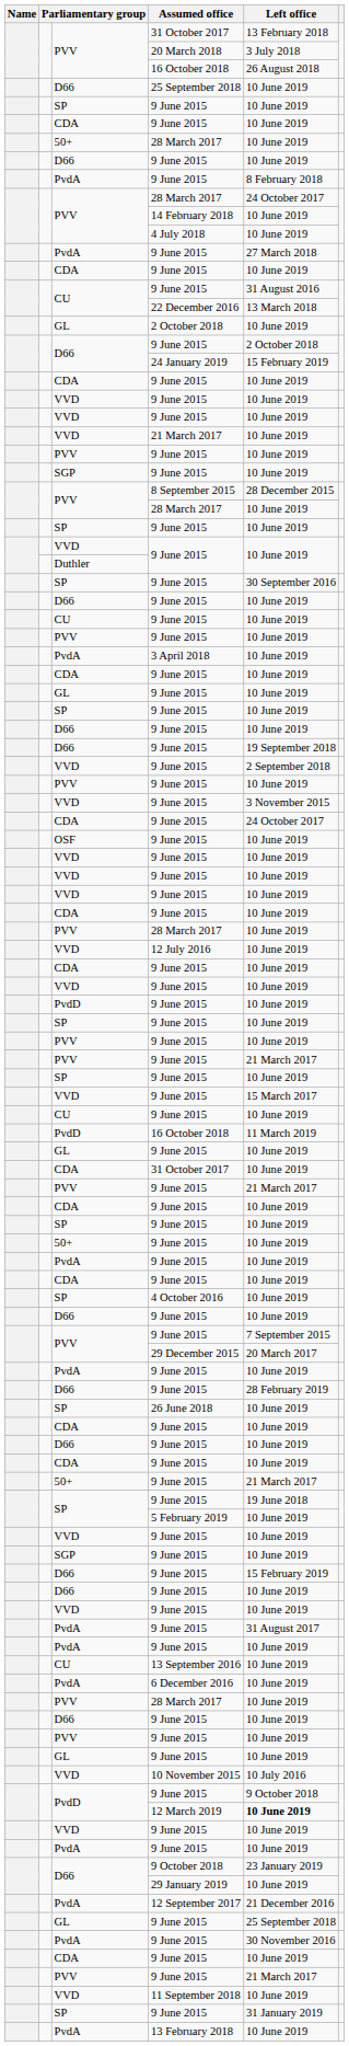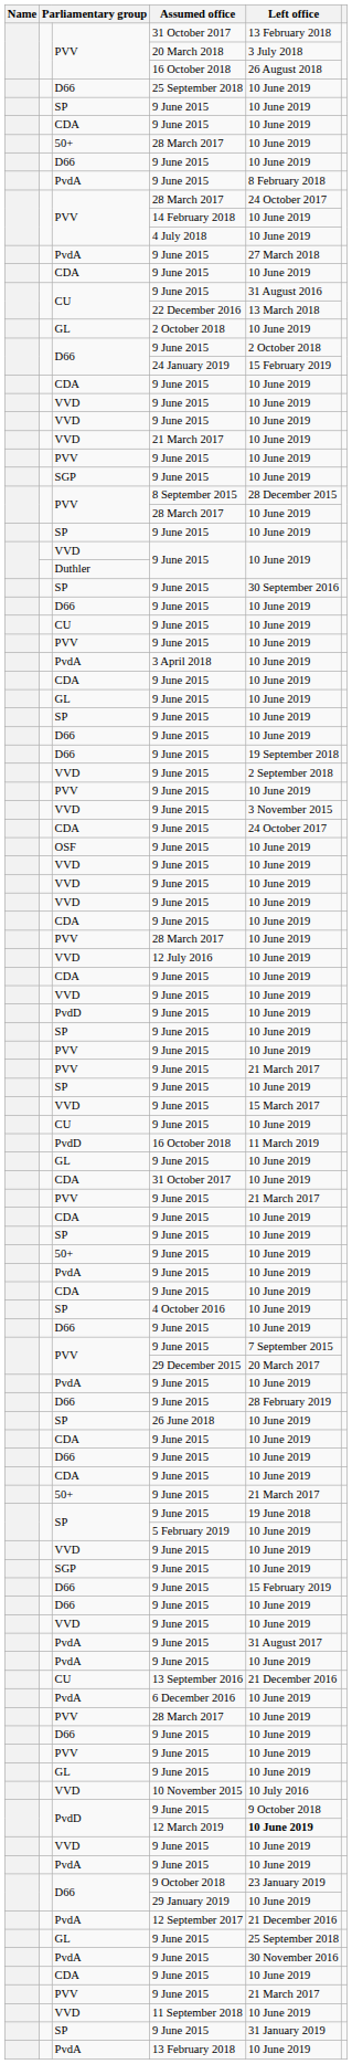 <table class="wikitable sortable plainrowheaders">
 <tr>
 <th scope=col>Name</th>
 <th scope=colgroup  colspan=2>Parliamentary group</th>
 <th scope=col>Assumed office</th>
 <th scope=col>Left office</th>
 <th scope=col class="unsortable"></th>
 </tr>
 <tr>
 <th rowspan="3" scope="row"></th>
 <td rowspan="3" style="background-color:"></td>
 <td rowspan="3">PVV</td>
 <td>31 October 2017</td>
 <td>13 February 2018</td>
 <td rowspan="3"></td>
 </tr>
 <tr>
 <td>20 March 2018</td>
 <td>3 July 2018</td>
 </tr>
 <tr>
 <td>16 October 2018</td>
 <td>26 August 2018</td>
 </tr>
 <tr>
 <th scope="row"></th>
 <td style="background-color:"></td>
 <td>D66</td>
 <td>25 September 2018</td>
 <td>10 June 2019</td>
 <td></td>
 </tr>
 <tr>
 <th scope="row"></th>
 <td style="background-color:"></td>
 <td>SP</td>
 <td>9 June 2015</td>
 <td>10 June 2019</td>
 <td></td>
 </tr>
 <tr>
 <th scope="row"></th>
 <td style="background-color:"></td>
 <td>CDA</td>
 <td>9 June 2015</td>
 <td>10 June 2019</td>
 <td></td>
 </tr>
 <tr>
 <th scope="row"></th>
 <td style="background-color:"></td>
 <td>50+</td>
 <td>28 March 2017</td>
 <td>10 June 2019</td>
 <td></td>
 </tr>
 <tr>
 <th scope="row"></th>
 <td style="background-color:"></td>
 <td>D66</td>
 <td>9 June 2015</td>
 <td>10 June 2019</td>
 <td></td>
 </tr>
 <tr>
 <th scope="row"></th>
 <td style="background-color:"></td>
 <td>PvdA</td>
 <td>9 June 2015</td>
 <td>8 February 2018</td>
 <td></td>
 </tr>
 <tr>
 <th rowspan="3" scope="row"></th>
 <td rowspan="3" style="background-color:"></td>
 <td rowspan="3">PVV</td>
 <td>28 March 2017</td>
 <td>24 October 2017</td>
 <td rowspan="3"></td>
 </tr>
 <tr>
 <td>14 February 2018</td>
 <td>10 June 2019</td>
 </tr>
 <tr>
 <td>4 July 2018</td>
 <td>10 June 2019</td>
 </tr>
 <tr>
 <th scope="row"></th>
 <td style="background-color:"></td>
 <td>PvdA</td>
 <td>9 June 2015</td>
 <td>27 March 2018</td>
 <td></td>
 </tr>
 <tr>
 <th scope="row"></th>
 <td style="background-color:"></td>
 <td>CDA</td>
 <td>9 June 2015</td>
 <td>10 June 2019</td>
 <td></td>
 </tr>
 <tr>
 <th rowspan="2" scope="row"></th>
 <td rowspan="2" style="background-color:"></td>
 <td rowspan="2">CU</td>
 <td>9 June 2015</td>
 <td>31 August 2016</td>
 <td rowspan="2"></td>
 </tr>
 <tr>
 <td>22 December 2016</td>
 <td>13 March 2018</td>
 </tr>
 <tr>
 <th scope="row"></th>
 <td style="background-color:"></td>
 <td>GL</td>
 <td>2 October 2018</td>
 <td>10 June 2019</td>
 <td></td>
 </tr>
 <tr>
 <th scope="row" rowspan="2"></th>
 <td rowspan="2" style="background-color:"></td>
 <td rowspan="2">D66</td>
 <td>9 June 2015</td>
 <td>2 October 2018</td>
 <td rowspan="2"></td>
 </tr>
 <tr>
 <td>24 January 2019</td>
 <td>15 February 2019</td>
 </tr>
 <tr>
 <th scope="row"></th>
 <td style="background-color:"></td>
 <td>CDA</td>
 <td>9 June 2015</td>
 <td>10 June 2019</td>
 <td></td>
 </tr>
 <tr>
 <th scope="row"></th>
 <td style="background-color:"></td>
 <td>VVD</td>
 <td>9 June 2015</td>
 <td>10 June 2019</td>
 <td></td>
 </tr>
 <tr>
 <th scope="row"></th>
 <td style="background-color:"></td>
 <td>VVD</td>
 <td>9 June 2015</td>
 <td>10 June 2019</td>
 <td></td>
 </tr>
 <tr>
 <th scope="row"></th>
 <td style="background-color:"></td>
 <td>VVD</td>
 <td>21 March 2017</td>
 <td>10 June 2019</td>
 <td></td>
 </tr>
 <tr>
 <th scope="row"></th>
 <td style="background-color:"></td>
 <td>PVV</td>
 <td>9 June 2015</td>
 <td>10 June 2019</td>
 <td></td>
 </tr>
 <tr>
 <th scope="row"></th>
 <td style="background-color:"></td>
 <td>SGP</td>
 <td>9 June 2015</td>
 <td>10 June 2019</td>
 <td></td>
 </tr>
 <tr>
 <th rowspan="2" scope="row"></th>
 <td rowspan="2" style="background-color:"></td>
 <td rowspan="2">PVV</td>
 <td>8 September 2015</td>
 <td>28 December 2015</td>
 <td rowspan="2"></td>
 </tr>
 <tr>
 <td>28 March 2017</td>
 <td>10 June 2019</td>
 </tr>
 <tr>
 <th scope="row"></th>
 <td style="background-color:"></td>
 <td>SP</td>
 <td>9 June 2015</td>
 <td>10 June 2019</td>
 <td></td>
 </tr>
 <tr>
 <th scope="rowgroup" rowspan="2"></th>
 <td style="background-color:"></td>
 <td>VVD</td>
 <td rowspan="2">9 June 2015</td>
 <td rowspan="2">10 June 2019</td>
 <td rowspan="2"></td>
 </tr>
 <tr>
 <td style="background-color:"></td>
 <td>Duthler</td>
 </tr>
 <tr>
 <th scope="row"></th>
 <td style="background-color:"></td>
 <td>SP</td>
 <td>9 June 2015</td>
 <td>30 September 2016</td>
 <td></td>
 </tr>
 <tr>
 <th scope="row"></th>
 <td style="background-color:"></td>
 <td>D66</td>
 <td>9 June 2015</td>
 <td>10 June 2019</td>
 <td></td>
 </tr>
 <tr>
 <th scope="row"></th>
 <td style="background-color:"></td>
 <td>CU</td>
 <td>9 June 2015</td>
 <td>10 June 2019</td>
 <td></td>
 </tr>
 <tr>
 <th scope="row"></th>
 <td style="background-color:"></td>
 <td>PVV</td>
 <td>9 June 2015</td>
 <td>10 June 2019</td>
 <td></td>
 </tr>
 <tr>
 <th scope="row"></th>
 <td style="background-color:"></td>
 <td>PvdA</td>
 <td>3 April 2018</td>
 <td>10 June 2019</td>
 <td></td>
 </tr>
 <tr>
 <th scope="row"></th>
 <td style="background-color:"></td>
 <td>CDA</td>
 <td>9 June 2015</td>
 <td>10 June 2019</td>
 <td></td>
 </tr>
 <tr>
 <th scope="row"></th>
 <td style="background-color:"></td>
 <td>GL</td>
 <td>9 June 2015</td>
 <td>10 June 2019</td>
 <td></td>
 </tr>
 <tr>
 <th scope="row"></th>
 <td style="background-color:"></td>
 <td>SP</td>
 <td>9 June 2015</td>
 <td>10 June 2019</td>
 <td></td>
 </tr>
 <tr>
 <th scope="row"></th>
 <td style="background-color:"></td>
 <td>D66</td>
 <td>9 June 2015</td>
 <td>10 June 2019</td>
 <td></td>
 </tr>
 <tr>
 <th scope="row"></th>
 <td style="background-color:"></td>
 <td>D66</td>
 <td>9 June 2015</td>
 <td>19 September 2018</td>
 <td></td>
 </tr>
 <tr>
 <th scope="row"></th>
 <td style="background-color:"></td>
 <td>VVD</td>
 <td>9 June 2015</td>
 <td>2 September 2018</td>
 <td></td>
 </tr>
 <tr>
 <th scope="row"></th>
 <td style="background-color:"></td>
 <td>PVV</td>
 <td>9 June 2015</td>
 <td>10 June 2019</td>
 <td></td>
 </tr>
 <tr>
 <th scope="row"></th>
 <td style="background-color:"></td>
 <td>VVD</td>
 <td>9 June 2015</td>
 <td>3 November 2015</td>
 <td></td>
 </tr>
 <tr>
 <th scope="row"></th>
 <td style="background-color:"></td>
 <td>CDA</td>
 <td>9 June 2015</td>
 <td>24 October 2017</td>
 <td></td>
 </tr>
 <tr>
 <th scope="row"></th>
 <td style="background-color:"></td>
 <td>OSF</td>
 <td>9 June 2015</td>
 <td>10 June 2019</td>
 <td></td>
 </tr>
 <tr>
 <th scope="row"></th>
 <td style="background-color:"></td>
 <td>VVD</td>
 <td>9 June 2015</td>
 <td>10 June 2019</td>
 <td></td>
 </tr>
 <tr>
 <th scope="row"></th>
 <td style="background-color:"></td>
 <td>VVD</td>
 <td>9 June 2015</td>
 <td>10 June 2019</td>
 <td></td>
 </tr>
 <tr>
 <th scope="row"></th>
 <td style="background-color:"></td>
 <td>VVD</td>
 <td>9 June 2015</td>
 <td>10 June 2019</td>
 <td></td>
 </tr>
 <tr>
 <th scope="row"></th>
 <td style="background-color:"></td>
 <td>CDA</td>
 <td>9 June 2015</td>
 <td>10 June 2019</td>
 <td></td>
 </tr>
 <tr>
 <th scope="row"></th>
 <td style="background-color:"></td>
 <td>PVV</td>
 <td>28 March 2017</td>
 <td>10 June 2019</td>
 <td></td>
 </tr>
 <tr>
 <th scope="row"></th>
 <td style="background-color:"></td>
 <td>VVD</td>
 <td>12 July 2016</td>
 <td>10 June 2019</td>
 <td></td>
 </tr>
 <tr>
 <th scope="row"></th>
 <td style="background-color:"></td>
 <td>CDA</td>
 <td>9 June 2015</td>
 <td>10 June 2019</td>
 <td></td>
 </tr>
 <tr>
 <th scope="row"></th>
 <td style="background-color:"></td>
 <td>VVD</td>
 <td>9 June 2015</td>
 <td>10 June 2019</td>
 <td></td>
 </tr>
 <tr>
 <th scope="row"></th>
 <td style="background-color:"></td>
 <td>PvdD</td>
 <td>9 June 2015</td>
 <td>10 June 2019</td>
 <td></td>
 </tr>
 <tr>
 <th scope="row"></th>
 <td style="background-color:"></td>
 <td>SP</td>
 <td>9 June 2015</td>
 <td>10 June 2019</td>
 <td></td>
 </tr>
 <tr>
 <th scope="row"></th>
 <td style="background-color:"></td>
 <td>PVV</td>
 <td>9 June 2015</td>
 <td>10 June 2019</td>
 <td></td>
 </tr>
 <tr>
 <th scope="row"></th>
 <td style="background-color:"></td>
 <td>PVV</td>
 <td>9 June 2015</td>
 <td>21 March 2017</td>
 <td></td>
 </tr>
 <tr>
 <th scope="row"></th>
 <td style="background-color:"></td>
 <td>SP</td>
 <td>9 June 2015</td>
 <td>10 June 2019</td>
 <td></td>
 </tr>
 <tr>
 <th scope="row"></th>
 <td style="background-color:"></td>
 <td>VVD</td>
 <td>9 June 2015</td>
 <td>15 March 2017</td>
 <td></td>
 </tr>
 <tr>
 <th scope="row"></th>
 <td style="background-color:"></td>
 <td>CU</td>
 <td>9 June 2015</td>
 <td>10 June 2019</td>
 <td></td>
 </tr>
 <tr>
 <th scope="row"></th>
 <td style="background-color:"></td>
 <td>PvdD</td>
 <td>16 October 2018</td>
 <td>11 March 2019</td>
 <td></td>
 </tr>
 <tr>
 <th scope="row"></th>
 <td style="background-color:"></td>
 <td>GL</td>
 <td>9 June 2015</td>
 <td>10 June 2019</td>
 <td></td>
 </tr>
 <tr>
 <th scope="row"></th>
 <td style="background-color:"></td>
 <td>CDA</td>
 <td>31 October 2017</td>
 <td>10 June 2019</td>
 <td></td>
 </tr>
 <tr>
 <th scope="row"></th>
 <td style="background-color:"></td>
 <td>PVV</td>
 <td>9 June 2015</td>
 <td>21 March 2017</td>
 <td></td>
 </tr>
 <tr>
 <th scope="row"></th>
 <td style="background-color:"></td>
 <td>CDA</td>
 <td>9 June 2015</td>
 <td>10 June 2019</td>
 <td></td>
 </tr>
 <tr>
 <th scope="row"></th>
 <td style="background-color:"></td>
 <td>SP</td>
 <td>9 June 2015</td>
 <td>10 June 2019</td>
 <td></td>
 </tr>
 <tr>
 <th scope="row"></th>
 <td style="background-color:"></td>
 <td>50+</td>
 <td>9 June 2015</td>
 <td>10 June 2019</td>
 <td></td>
 </tr>
 <tr>
 <th scope="row"></th>
 <td style="background-color:"></td>
 <td>PvdA</td>
 <td>9 June 2015</td>
 <td>10 June 2019</td>
 <td></td>
 </tr>
 <tr>
 <th scope="row"></th>
 <td style="background-color:"></td>
 <td>CDA</td>
 <td>9 June 2015</td>
 <td>10 June 2019</td>
 <td></td>
 </tr>
 <tr>
 <th scope="row"></th>
 <td style="background-color:"></td>
 <td>SP</td>
 <td>4 October 2016</td>
 <td>10 June 2019</td>
 <td></td>
 </tr>
 <tr>
 <th scope="row"></th>
 <td style="background-color:"></td>
 <td>D66</td>
 <td>9 June 2015</td>
 <td>10 June 2019</td>
 <td></td>
 </tr>
 <tr>
 <th rowspan="2" scope="row"></th>
 <td rowspan="2" style="background-color:"></td>
 <td rowspan="2">PVV</td>
 <td>9 June 2015</td>
 <td>7 September 2015</td>
 <td rowspan="2"></td>
 </tr>
 <tr>
 <td>29 December 2015</td>
 <td>20 March 2017</td>
 </tr>
 <tr>
 <th scope="row"></th>
 <td style="background-color:"></td>
 <td>PvdA</td>
 <td>9 June 2015</td>
 <td>10 June 2019</td>
 <td></td>
 </tr>
 <tr>
 <th scope="row"></th>
 <td style="background-color:"></td>
 <td>D66</td>
 <td>9 June 2015</td>
 <td>28 February 2019</td>
 <td></td>
 </tr>
 <tr>
 <th scope="row"></th>
 <td style="background-color:"></td>
 <td>SP</td>
 <td>26 June 2018</td>
 <td>10 June 2019</td>
 <td></td>
 </tr>
 <tr>
 <th scope="row"></th>
 <td style="background-color:"></td>
 <td>CDA</td>
 <td>9 June 2015</td>
 <td>10 June 2019</td>
 <td></td>
 </tr>
 <tr>
 <th scope="row"></th>
 <td style="background-color:"></td>
 <td>D66</td>
 <td>9 June 2015</td>
 <td>10 June 2019</td>
 <td></td>
 </tr>
 <tr>
 <th scope="row"></th>
 <td style="background-color:"></td>
 <td>CDA</td>
 <td>9 June 2015</td>
 <td>10 June 2019</td>
 <td></td>
 </tr>
 <tr>
 <th scope="row"></th>
 <td style="background-color:"></td>
 <td>50+</td>
 <td>9 June 2015</td>
 <td>21 March 2017</td>
 <td></td>
 </tr>
 <tr>
 <th rowspan="2" scope="row"></th>
 <td rowspan="2" style="background-color:"></td>
 <td rowspan="2">SP</td>
 <td>9 June 2015</td>
 <td>19 June 2018</td>
 <td rowspan="2"></td>
 </tr>
 <tr>
 <td>5 February 2019</td>
 <td>10 June 2019</td>
 </tr>
 <tr>
 <th scope="row"></th>
 <td style="background-color:"></td>
 <td>VVD</td>
 <td>9 June 2015</td>
 <td>10 June 2019</td>
 <td></td>
 </tr>
 <tr>
 <th scope="row"></th>
 <td style="background-color:"></td>
 <td>SGP</td>
 <td>9 June 2015</td>
 <td>10 June 2019</td>
 <td></td>
 </tr>
 <tr>
 <th scope="row"></th>
 <td style="background-color:"></td>
 <td>D66</td>
 <td>9 June 2015</td>
 <td>15 February 2019</td>
 <td></td>
 </tr>
 <tr>
 <th scope="row"></th>
 <td style="background-color:"></td>
 <td>D66</td>
 <td>9 June 2015</td>
 <td>10 June 2019</td>
 <td></td>
 </tr>
 <tr>
 <th scope="row"></th>
 <td style="background-color:"></td>
 <td>VVD</td>
 <td>9 June 2015</td>
 <td>10 June 2019</td>
 <td></td>
 </tr>
 <tr>
 <th scope="row"></th>
 <td style="background-color:"></td>
 <td>PvdA</td>
 <td>9 June 2015</td>
 <td>31 August 2017</td>
 <td></td>
 </tr>
 <tr>
 <th scope="row"></th>
 <td style="background-color:"></td>
 <td>PvdA</td>
 <td>9 June 2015</td>
 <td>10 June 2019</td>
 <td></td>
 </tr>
 <tr>
 <th scope="row"></th>
 <td style="background-color:"></td>
 <td>CU</td>
 <td>13 September 2016</td>
-<td>10 June 2019</td>
+<td>21 December 2016</td>
 <td></td>
 </tr>
 <tr>
 <th scope="row"></th>
 <td style="background-color:"></td>
 <td>PvdA</td>
 <td>6 December 2016</td>
 <td>10 June 2019</td>
 <td></td>
 </tr>
 <tr>
 <th scope="row"></th>
 <td style="background-color:"></td>
 <td>PVV</td>
 <td>28 March 2017</td>
 <td>10 June 2019</td>
 <td></td>
 </tr>
 <tr>
 <th scope="row"></th>
 <td style="background-color:"></td>
 <td>D66</td>
 <td>9 June 2015</td>
 <td>10 June 2019</td>
 <td></td>
 </tr>
 <tr>
 <th scope="row"></th>
 <td style="background-color:"></td>
 <td>PVV</td>
 <td>9 June 2015</td>
 <td>10 June 2019</td>
 <td></td>
 </tr>
 <tr>
 <th scope="row"></th>
 <td style="background-color:"></td>
 <td>GL</td>
 <td>9 June 2015</td>
 <td>10 June 2019</td>
 <td></td>
 </tr>
 <tr>
 <th scope="row"></th>
 <td style="background-color:"></td>
 <td>VVD</td>
 <td>10 November 2015</td>
 <td>10 July 2016</td>
 <td></td>
 </tr>
 <tr>
 <th rowspan="2" scope="row"></th>
 <td rowspan="2" style="background-color:"></td>
 <td rowspan="2">PvdD</td>
 <td>9 June 2015</td>
 <td>9 October 2018</td>
 <td rowspan="2"></td>
 </tr>
 <tr>
 <td>12 March 2019</td>
 <td><strong>10 June 2019</strong></td>
 </tr>
 <tr>
 <th scope="row"></th>
 <td style="background-color:"></td>
 <td>VVD</td>
 <td>9 June 2015</td>
 <td>10 June 2019</td>
 <td></td>
 </tr>
 <tr>
 <th scope="row"></th>
 <td style="background-color:"></td>
 <td>PvdA</td>
 <td>9 June 2015</td>
 <td>10 June 2019</td>
 <td></td>
 </tr>
 <tr>
 <th rowspan="2" scope="row"></th>
 <td rowspan="2" style="background-color:"></td>
 <td rowspan="2">D66</td>
 <td>9 October 2018</td>
 <td>23 January 2019</td>
 <td rowspan="2"></td>
 </tr>
 <tr>
 <td>29 January 2019</td>
 <td>10 June 2019</td>
 </tr>
 <tr>
 <th scope="row"></th>
 <td style="background-color:"></td>
 <td>PvdA</td>
 <td>12 September 2017</td>
 <td>21 December 2016</td>
 <td></td>
 </tr>
 <tr>
 <th scope="row"></th>
 <td style="background-color:"></td>
 <td>GL</td>
 <td>9 June 2015</td>
 <td>25 September 2018</td>
 <td></td>
 </tr>
 <tr>
 <th scope="row"></th>
 <td style="background-color:"></td>
 <td>PvdA</td>
 <td>9 June 2015</td>
 <td>30 November 2016</td>
 <td></td>
 </tr>
 <tr>
 <th scope="row"></th>
 <td style="background-color:"></td>
 <td>CDA</td>
 <td>9 June 2015</td>
 <td>10 June 2019</td>
 <td></td>
 </tr>
 <tr>
 <th scope="row"></th>
 <td style="background-color:"></td>
 <td>PVV</td>
 <td>9 June 2015</td>
 <td>21 March 2017</td>
 <td></td>
 </tr>
 <tr>
 <th scope="row"></th>
 <td style="background-color:"></td>
 <td>VVD</td>
 <td>11 September 2018</td>
 <td>10 June 2019</td>
 <td></td>
 </tr>
 <tr>
 <th scope="row"></th>
 <td style="background-color:"></td>
 <td>SP</td>
 <td>9 June 2015</td>
 <td>31 January 2019</td>
 <td></td>
 </tr>
 <tr>
 <th scope="row"></th>
 <td style="background-color:"></td>
 <td>PvdA</td>
 <td>13 February 2018</td>
 <td>10 June 2019</td>
 <td></td>
 </tr>
 </table>
